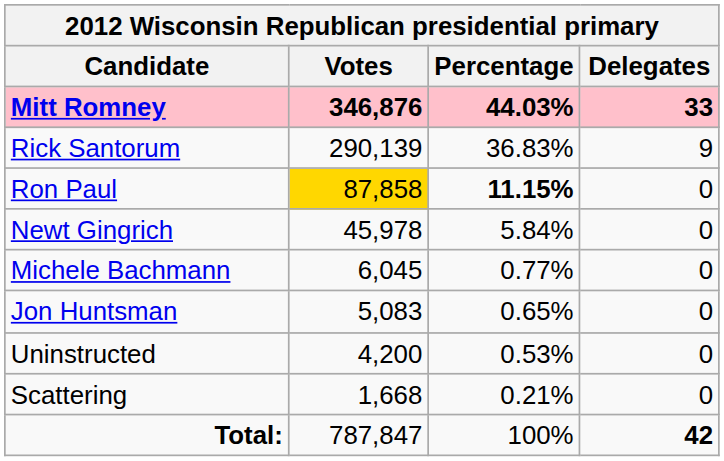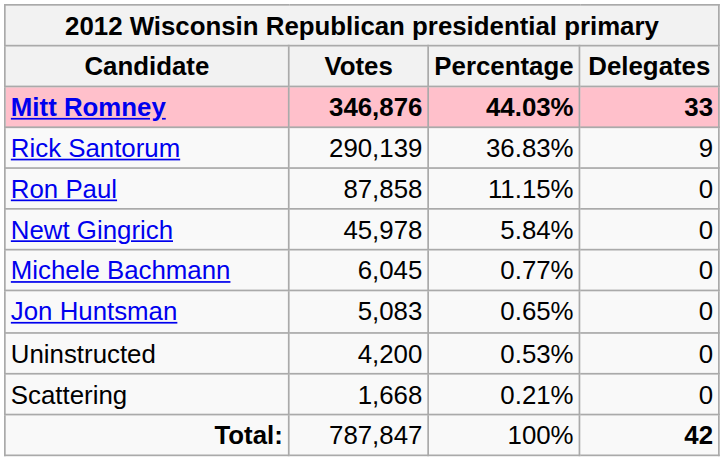 <table class="wikitable" style="font-size:95%;">
 <tr>
 <th colspan="4">2012 Wisconsin Republican presidential primary</th>
 </tr>
 <tr>
 <th rowspan="1" width="160px">Candidate</th>
 <th rowspan="1" width="75px">Votes</th>
 <th rowspan="1" width="75px">Percentage</th>
 <th rowspan="1" width="75px">Delegates</th>
 </tr>
 <tr align="right" bgcolor="pink">
 <td align="left"> <strong><a href='#'>Mitt Romney</a></strong></td>
 <td><strong>346,876</strong></td>
 <td><strong>44.03%</strong></td>
 <td><strong>33</strong></td>
 </tr>
 <tr align="right">
 <td align="left"><a href='#'>Rick Santorum</a></td>
 <td>290,139</td>
 <td>36.83%</td>
 <td>9</td>
 </tr>
 <tr align="right">
 <td align="left"><a href='#'>Ron Paul</a></td>
-<td style="background: gold;">87,858</td>
-<td><strong>11.15%</strong></td>
+<td>87,858</td>
+<td>11.15%</td>
 <td>0</td>
 </tr>
 <tr align="right">
 <td align="left"><a href='#'>Newt Gingrich</a></td>
 <td>45,978</td>
 <td>5.84%</td>
 <td>0</td>
 </tr>
 <tr align="right">
 <td align="left"><a href='#'>Michele Bachmann</a></td>
 <td>6,045</td>
 <td>0.77%</td>
 <td>0</td>
 </tr>
 <tr align="right">
 <td align="left"><a href='#'>Jon Huntsman</a></td>
 <td>5,083</td>
 <td>0.65%</td>
 <td>0</td>
 </tr>
 <tr align="right">
 <td align="left">Uninstructed</td>
 <td>4,200</td>
 <td>0.53%</td>
 <td>0</td>
 </tr>
 <tr align="right">
 <td align="left">Scattering</td>
 <td>1,668</td>
 <td>0.21%</td>
 <td>0</td>
 </tr>
 <tr align="right">
 <td><strong>Total:</strong></td>
 <td>787,847</td>
 <td>100%</td>
 <td><strong>42</strong></td>
 </tr>
 </table>
